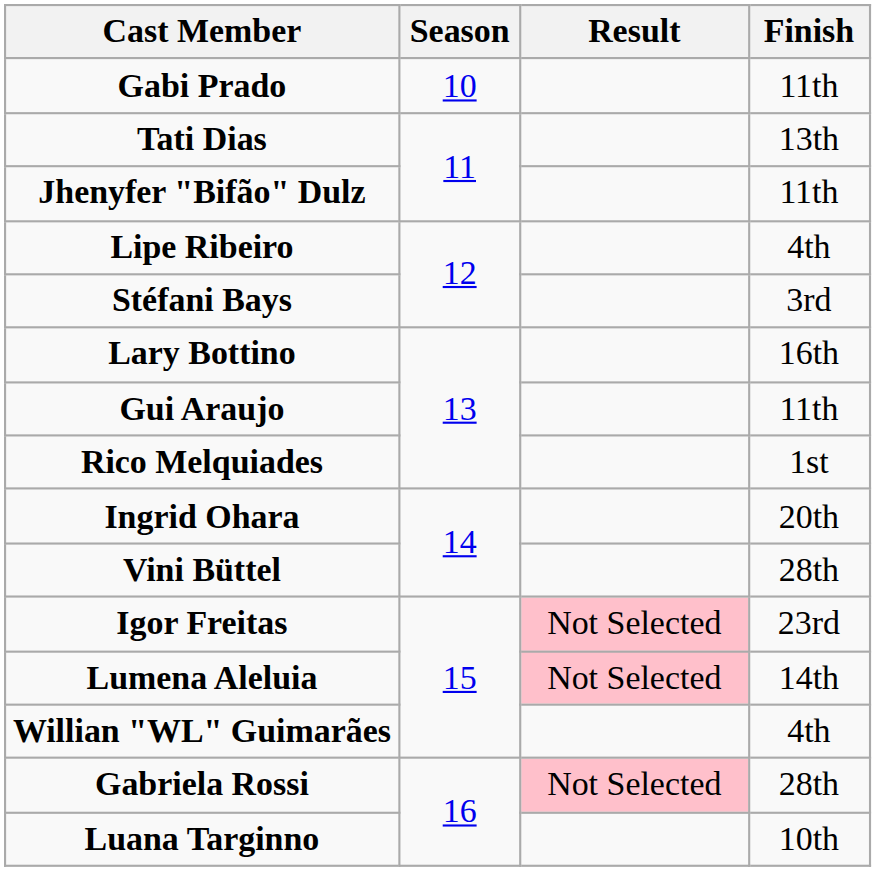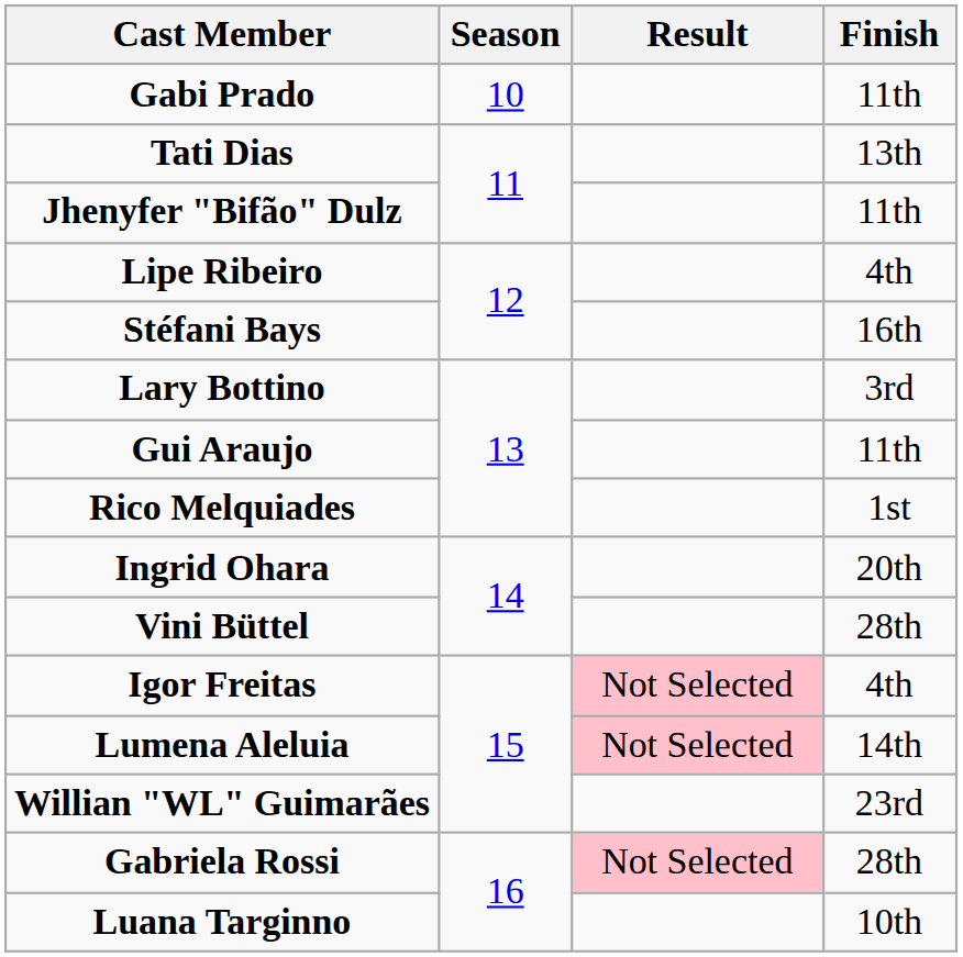 <table class="wikitable sortable" style="text-align: center">
 <tr>
 <th width=175>Cast Member</th>
 <th width=050>Season</th>
 <th width=100>Result</th>
 <th width=050>Finish</th>
 </tr>
 <tr>
 <td><strong>Gabi Prado</strong><br></td>
 <td><a href='#'>10</a></td>
 <td></td>
 <td>11th</td>
 </tr>
 <tr>
 <td><strong>Tati Dias</strong><br></td>
 <td rowspan="2"><a href='#'>11</a></td>
 <td></td>
 <td>13th</td>
 </tr>
 <tr>
 <td><strong>Jhenyfer "Bifão" Dulz</strong><br></td>
 <td></td>
 <td>11th</td>
 </tr>
 <tr>
 <td><strong>Lipe Ribeiro</strong><br></td>
 <td rowspan="2"><a href='#'>12</a></td>
 <td></td>
 <td>4th</td>
 </tr>
 <tr>
 <td><strong>Stéfani Bays</strong><br></td>
 <td></td>
-<td>3rd</td>
+<td>16th</td>
 </tr>
 <tr>
 <td><strong>Lary Bottino</strong><br></td>
 <td rowspan="3"><a href='#'>13</a></td>
 <td></td>
-<td>16th</td>
+<td>3rd</td>
 </tr>
 <tr>
 <td><strong>Gui Araujo</strong><br></td>
 <td></td>
 <td>11th</td>
 </tr>
 <tr>
 <td><strong>Rico Melquiades</strong><br></td>
 <td></td>
 <td>1st</td>
 </tr>
 <tr>
 <td><strong>Ingrid Ohara</strong><br></td>
 <td rowspan="2"><a href='#'>14</a></td>
 <td></td>
 <td>20th</td>
 </tr>
 <tr>
 <td><strong>Vini Büttel</strong><br></td>
 <td></td>
 <td>28th</td>
 </tr>
 <tr>
 <td><strong>Igor Freitas</strong><br></td>
 <td rowspan="3"><a href='#'>15</a></td>
 <td bgcolor=FFC0CB>Not Selected</td>
-<td>23rd</td>
+<td>4th</td>
 </tr>
 <tr>
 <td><strong>Lumena Aleluia</strong><br></td>
 <td bgcolor=FFC0CB>Not Selected</td>
 <td>14th</td>
 </tr>
 <tr>
 <td nowrap><strong>Willian "WL" Guimarães</strong><br></td>
 <td></td>
-<td>4th</td>
+<td>23rd</td>
 </tr>
 <tr>
 <td><strong>Gabriela Rossi</strong><br></td>
 <td rowspan="2"><a href='#'>16</a></td>
 <td bgcolor=FFC0CB>Not Selected</td>
 <td>28th</td>
 </tr>
 <tr>
 <td><strong>Luana Targinno</strong><br></td>
 <td></td>
 <td>10th</td>
 </tr>
 </table>
